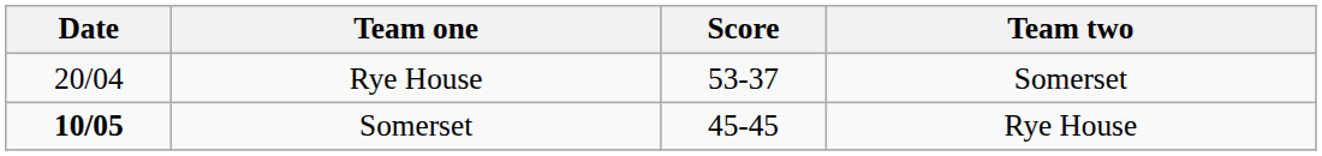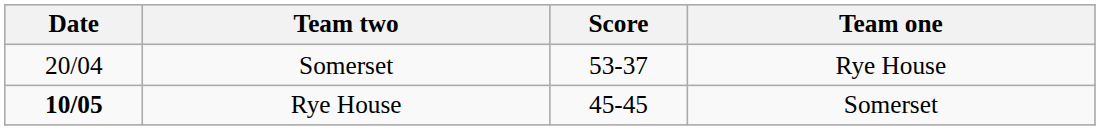 <table class="wikitable" style="text-align: center">
 <tr>
 <th width=80>Date</th>
+<th width=250>Team two</th>
+<th width=80>Score</th>
 <th width=250>Team one</th>
-<th width=80>Score</th>
-<th width=250>Team two</th>
 </tr>
 <tr>
 <td>20/04</td>
+<td>Somerset</td>
+<td>53-37</td>
 <td>Rye House</td>
-<td>53-37</td>
-<td>Somerset</td>
 </tr>
 <tr>
 <td><strong>10/05</strong></td>
+<td>Rye House</td>
+<td>45-45</td>
 <td>Somerset</td>
-<td>45-45</td>
-<td>Rye House</td>
 </tr>
 </table>
